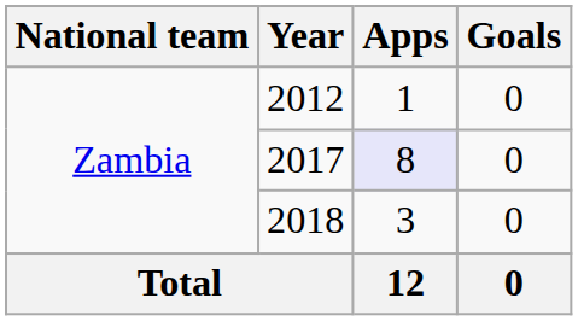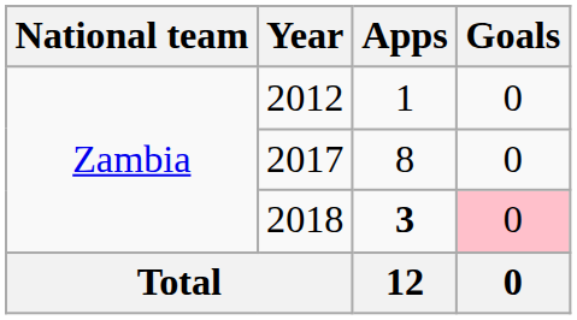 <table class="wikitable" style="text-align:center">
 <tr>
 <th>National team</th>
 <th>Year</th>
 <th>Apps</th>
 <th>Goals</th>
 </tr>
 <tr>
 <td rowspan="3"><a href='#'>Zambia</a></td>
 <td>2012</td>
 <td>1</td>
 <td>0</td>
 </tr>
 <tr>
 <td>2017</td>
-<td style="background: lavender;">8</td>
+<td>8</td>
 <td>0</td>
 </tr>
 <tr>
 <td>2018</td>
-<td>3</td>
-<td>0</td>
+<td><strong>3</strong></td>
+<td style="background: pink;">0</td>
 </tr>
 <tr>
 <th colspan=2>Total</th>
 <th>12</th>
 <th>0</th>
 </tr>
 </table>
